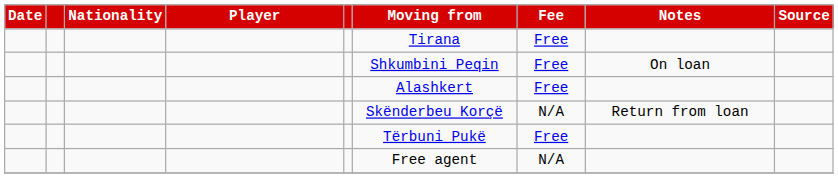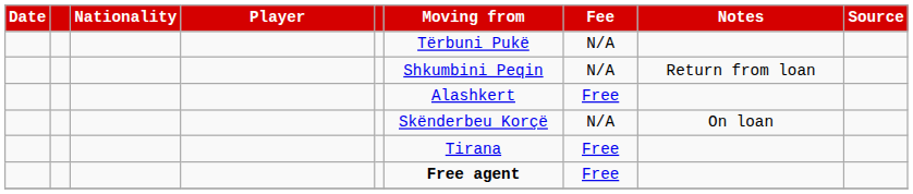 <table class="wikitable"  style="text-align:center; font-size:90%; ">
 <tr>
 <th style="background:#d50000; color:white; width:15px;">Date</th>
 <th style="background:#d50000; color:white; width:10px;"></th>
 <th style="background:#d50000; color:white; width:10px;">Nationality</th>
 <th style="background:#d50000; color:white; width:140px;">Player</th>
 <th style="background:#d50000; color:white; width:1px;"></th>
 <th style="background:#d50000; color:white; width:130px;">Moving from</th>
 <th style="background:#d50000; color:white; width:50px;">Fee</th>
 <th style="background:#d50000; color:white; width:150px;">Notes</th>
 <th style="background:#d50000; color:white; width:25px;">Source</th>
 </tr>
 <tr>
 <td></td>
 <td align=center></td>
 <td></td>
 <td></td>
 <td></td>
-<td><a href='#'>Tirana</a></td>
-<td align=center><a href='#'>Free</a></td>
+<td><a href='#'>Tërbuni Pukë</a></td>
+<td align=center>N/A</td>
 <td align=center></td>
 <td align=center></td>
 </tr>
 <tr>
 <td></td>
 <td align=center></td>
 <td></td>
 <td></td>
 <td></td>
 <td><a href='#'>Shkumbini Peqin</a></td>
-<td align=center><a href='#'>Free</a></td>
-<td align=center>On loan</td>
+<td align=center>N/A</td>
+<td align=center>Return from loan</td>
 <td align=center></td>
 </tr>
 <tr>
 <td></td>
 <td align=center></td>
 <td></td>
 <td></td>
 <td></td>
 <td><a href='#'>Alashkert</a></td>
 <td align=center><a href='#'>Free</a></td>
 <td align=center></td>
 <td align=center></td>
 </tr>
 <tr>
 <td></td>
 <td align=center></td>
 <td></td>
 <td></td>
 <td></td>
 <td><a href='#'>Skënderbeu Korçë</a></td>
 <td align=center>N/A</td>
-<td align=center>Return from loan</td>
+<td align=center>On loan</td>
 <td align=center></td>
 </tr>
 <tr>
 <td></td>
 <td align=center></td>
 <td></td>
 <td></td>
 <td></td>
-<td><a href='#'>Tërbuni Pukë</a></td>
+<td><a href='#'>Tirana</a></td>
 <td align=center><a href='#'>Free</a></td>
 <td align=center></td>
 <td align=center></td>
 </tr>
 <tr>
 <td></td>
 <td align=center></td>
 <td></td>
 <td></td>
 <td></td>
-<td>Free agent</td>
-<td align=center>N/A</td>
+<td><strong>Free agent</strong></td>
+<td align=center><a href='#'>Free</a></td>
 <td align=center></td>
 <td align=center></td>
 </tr>
 <tr>
 </tr>
 </table>
